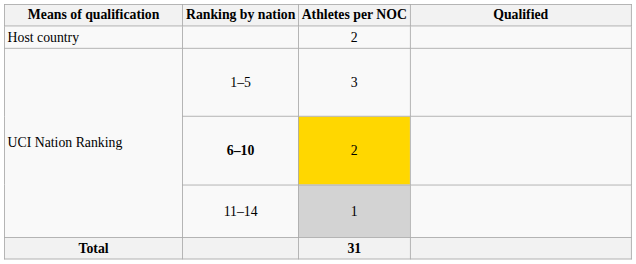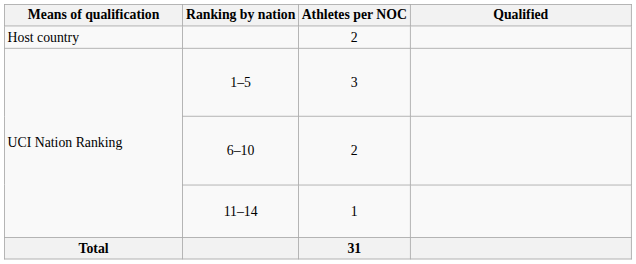 <table class="wikitable"  style="text-align:center;">
 <tr>
 <th width="200">Means of qualification</th>
 <th>Ranking by nation</th>
 <th>Athletes per NOC</th>
 <th width="250">Qualified</th>
 </tr>
 <tr>
 <td style="text-align:left;">Host country</td>
 <td></td>
 <td>2</td>
 <td align="left"></td>
 </tr>
 <tr>
 <td style="text-align:left;" rowspan="3">UCI Nation Ranking</td>
 <td>1–5</td>
 <td>3</td>
 <td align="left"><br><br><br><br></td>
 </tr>
 <tr>
-<td><strong>6–10</strong></td>
-<td style="background: gold;">2</td>
+<td>6–10</td>
+<td>2</td>
 <td align="left"><br><br><br><br></td>
 </tr>
 <tr>
 <td>11–14</td>
-<td style="background: lightgrey;">1</td>
+<td>1</td>
 <td align="left"><br><br><br></td>
 </tr>
 <tr>
 <th>Total</th>
 <th></th>
 <th>31</th>
 <th></th>
 </tr>
 </table>
